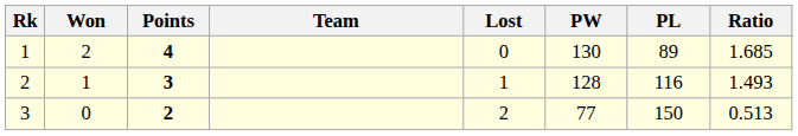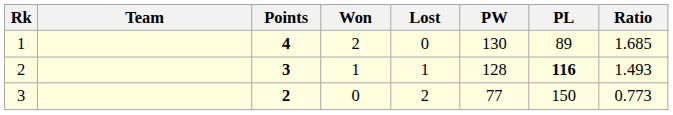 <table class=wikitable style="text-align:center">
 <tr bgcolor="#DCDCDC">
 <th width="25">Rk</th>
+<th width="200">Team</th>
+<th width="60">Points</th>
 <th width="60">Won</th>
-<th width="60">Points</th>
-<th width="200">Team</th>
 <th width="60">Lost</th>
 <th width="60">PW</th>
 <th width="60">PL</th>
 <th width="60">Ratio</th>
 </tr>
 <tr bgcolor=lightyellow>
 <td>1</td>
+<td align=left></td>
+<td><strong>4</strong></td>
 <td>2</td>
-<td><strong>4</strong></td>
-<td align=left></td>
 <td>0</td>
 <td>130</td>
 <td>89</td>
 <td>1.685</td>
 </tr>
 <tr bgcolor=lightyellow>
 <td>2</td>
+<td align=left></td>
+<td><strong>3</strong></td>
 <td>1</td>
-<td><strong>3</strong></td>
-<td align=left></td>
 <td>1</td>
 <td>128</td>
-<td>116</td>
+<td><strong>116</strong></td>
 <td>1.493</td>
 </tr>
 <tr bgcolor=lightyellow>
 <td>3</td>
+<td align=left></td>
+<td><strong>2</strong></td>
 <td>0</td>
-<td><strong>2</strong></td>
-<td align=left></td>
 <td>2</td>
 <td>77</td>
 <td>150</td>
-<td>0.513</td>
+<td>0.773</td>
 </tr>
 </table>
